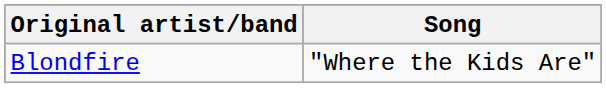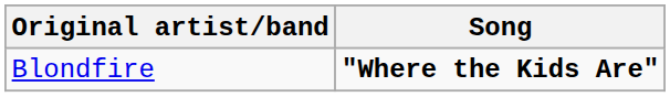 <table class="wikitable">
 <tr>
 <th>Original artist/band</th>
 <th>Song</th>
 </tr>
 <tr>
 <td><a href='#'>Blondfire</a></td>
-<td>"Where the Kids Are"</td>
+<td><strong>"Where the Kids Are"</strong></td>
 </tr>
 </table>
